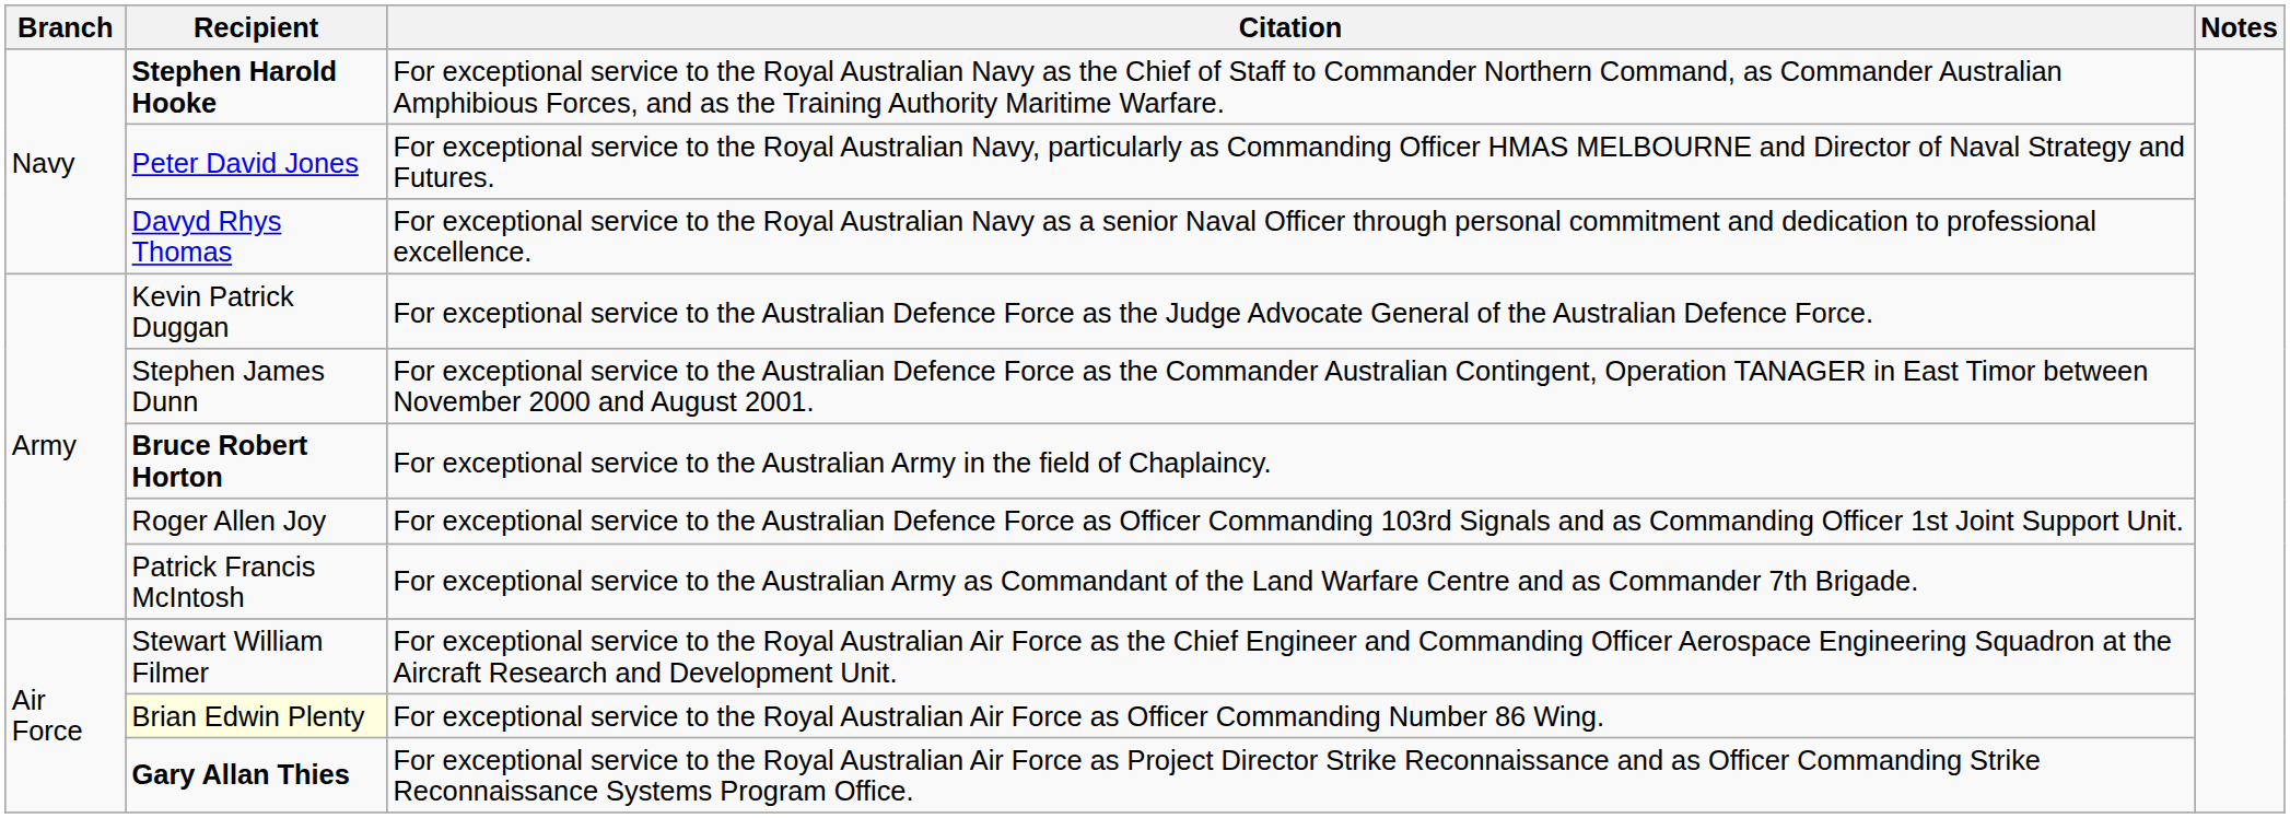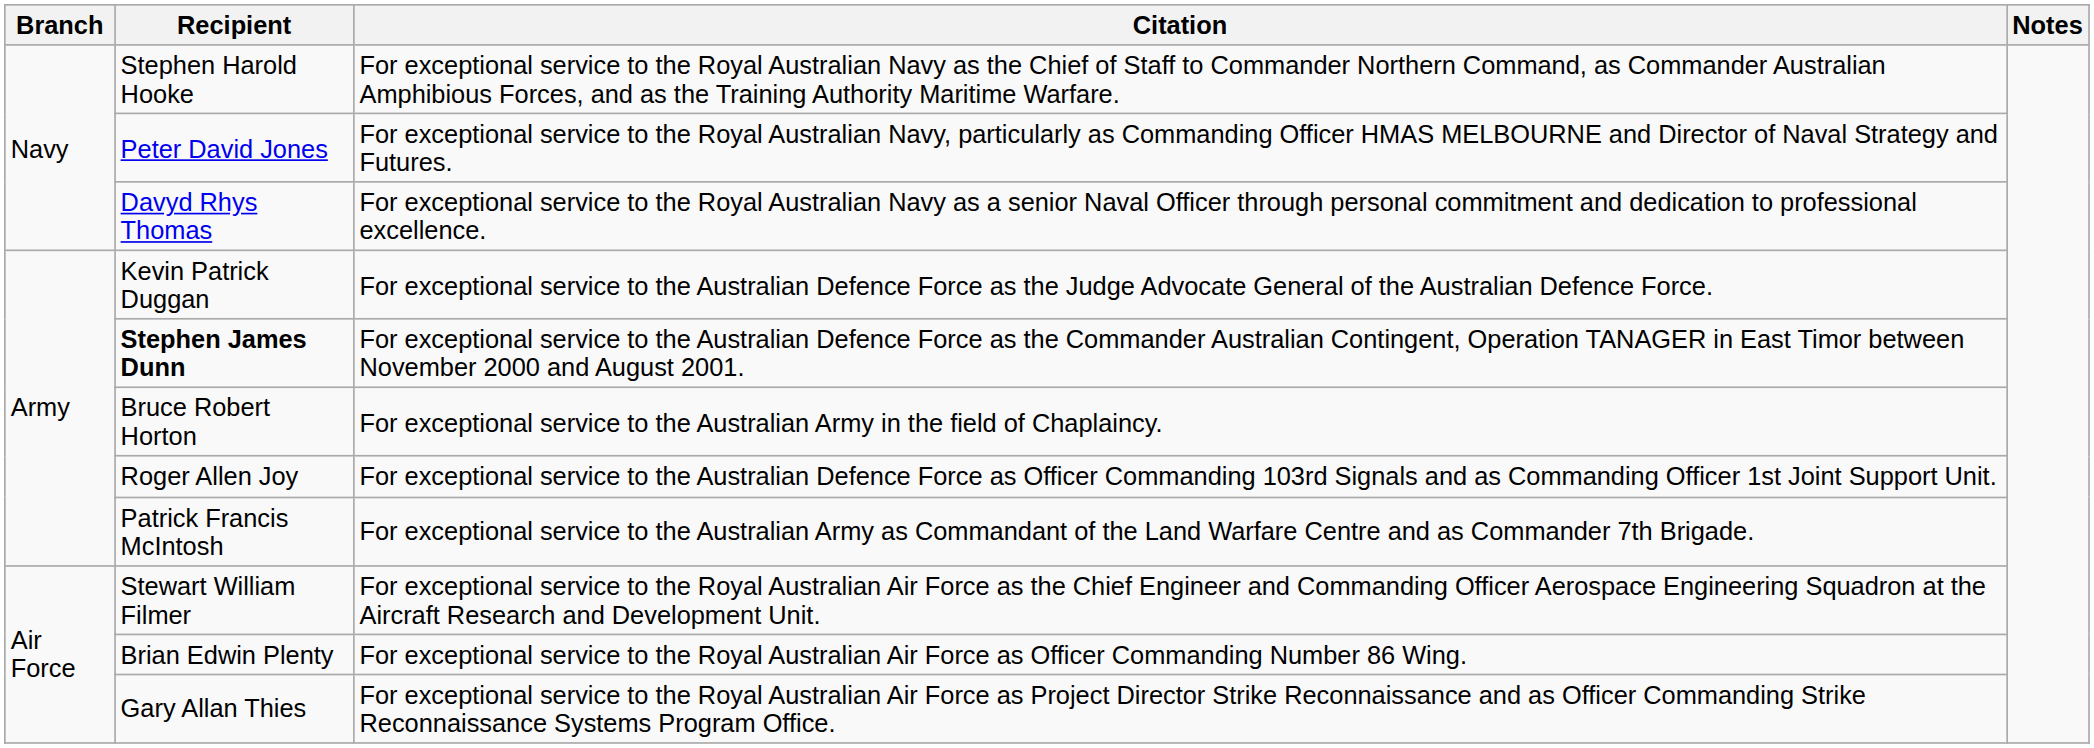 <table class="wikitable" style="font-size:95%;">
 <tr>
 <th>Branch</th>
 <th>Recipient</th>
 <th>Citation</th>
 <th>Notes</th>
 </tr>
 <tr>
 <td rowspan=3>Navy</td>
-<td><strong> Stephen Harold Hooke</strong></td>
+<td> Stephen Harold Hooke</td>
 <td>For exceptional service to the Royal Australian Navy as the Chief of Staff to Commander Northern Command, as Commander Australian Amphibious Forces, and as the Training Authority Maritime Warfare.</td>
 <td rowspan="11"></td>
 </tr>
 <tr>
 <td><a href='#'>Peter David Jones</a></td>
 <td>For exceptional service to the Royal Australian Navy, particularly as Commanding Officer HMAS MELBOURNE and Director of Naval Strategy and Futures.</td>
 </tr>
 <tr>
 <td> <a href='#'>Davyd Rhys Thomas</a></td>
 <td>For exceptional service to the Royal Australian Navy as a senior Naval Officer through personal commitment and dedication to professional excellence.</td>
 </tr>
 <tr>
 <td rowspan="5">Army</td>
 <td> Kevin Patrick Duggan</td>
 <td>For exceptional service to the Australian Defence Force as the Judge Advocate General of the Australian Defence Force.</td>
 </tr>
 <tr>
-<td> Stephen James Dunn</td>
+<td><strong> Stephen James Dunn</strong></td>
 <td>For exceptional service to the Australian Defence Force as the Commander Australian Contingent, Operation TANAGER in East Timor between November 2000 and August 2001.</td>
 </tr>
 <tr>
-<td><strong> Bruce Robert Horton</strong></td>
+<td> Bruce Robert Horton</td>
 <td>For exceptional service to the Australian Army in the field of Chaplaincy.</td>
 </tr>
 <tr>
 <td> Roger Allen Joy</td>
 <td>For exceptional service to the Australian Defence Force as Officer Commanding 103rd Signals and as Commanding Officer 1st Joint Support Unit.</td>
 </tr>
 <tr>
 <td> Patrick Francis McIntosh</td>
 <td>For exceptional service to the Australian Army as Commandant of the Land Warfare Centre and as Commander 7th Brigade.</td>
 </tr>
 <tr>
 <td rowspan=3>Air Force</td>
 <td> Stewart William Filmer</td>
 <td>For exceptional service to the Royal Australian Air Force as the Chief Engineer and Commanding Officer Aerospace Engineering Squadron at the Aircraft Research and Development Unit.</td>
 </tr>
 <tr>
-<td style="background: lightyellow;"> Brian Edwin Plenty</td>
+<td> Brian Edwin Plenty</td>
 <td>For exceptional service to the Royal Australian Air Force as Officer Commanding Number 86 Wing.</td>
 </tr>
 <tr>
-<td><strong> Gary Allan Thies</strong></td>
+<td> Gary Allan Thies</td>
 <td>For exceptional service to the Royal Australian Air Force as Project Director Strike Reconnaissance and as Officer Commanding Strike Reconnaissance Systems Program Office.</td>
 </tr>
 </table>
